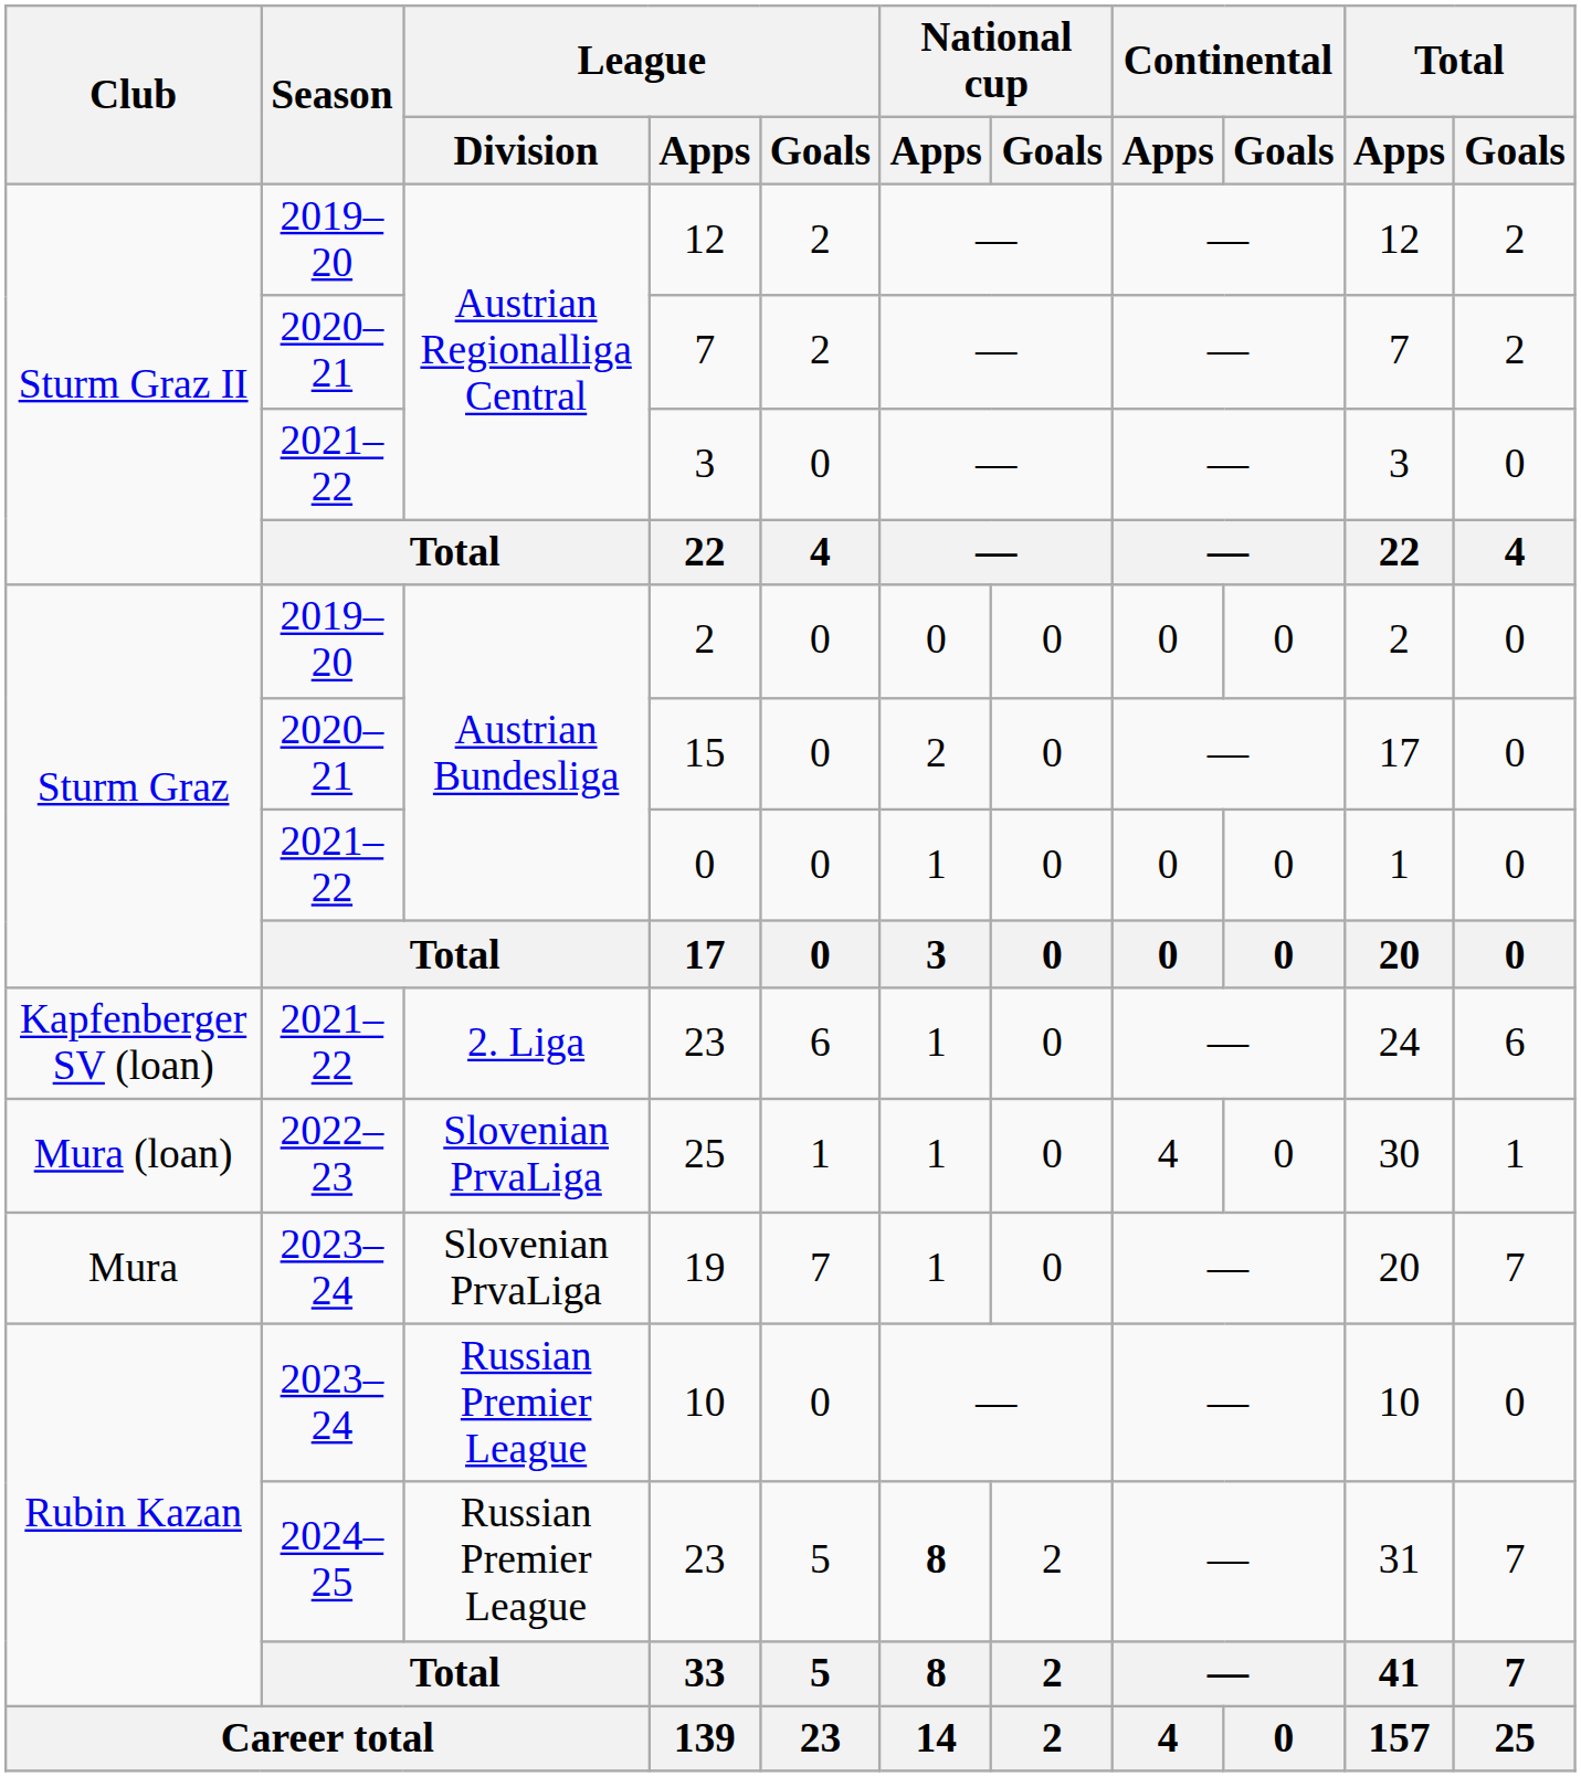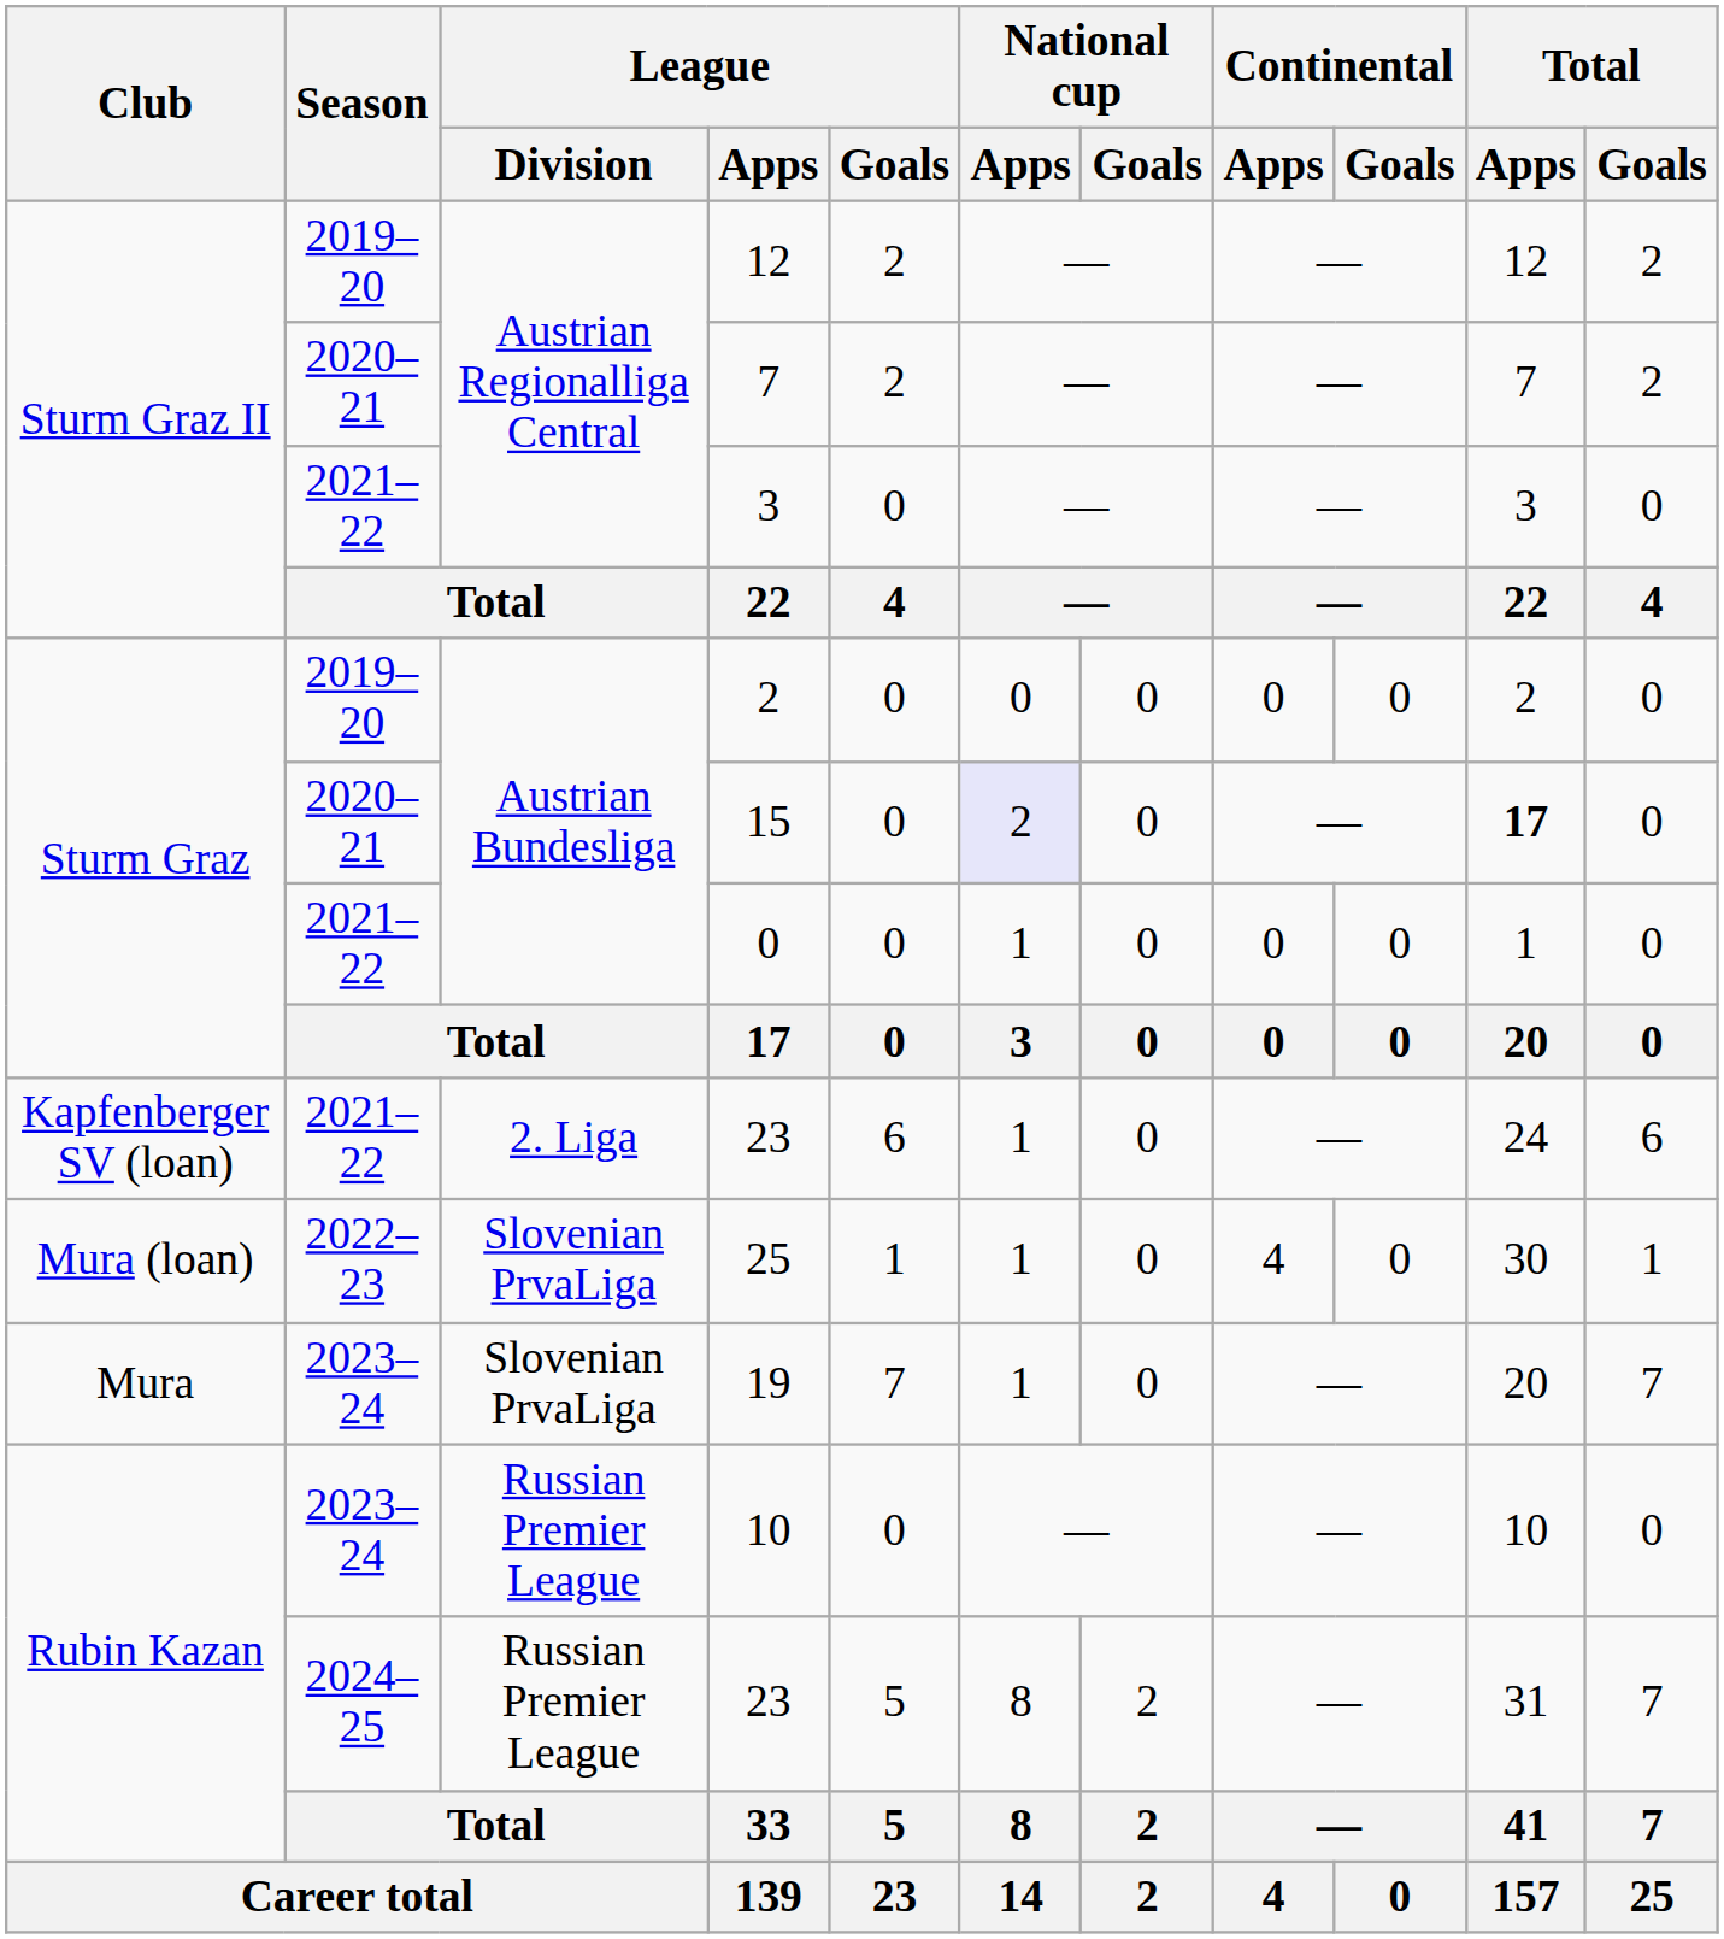 <table class="wikitable" style="text-align:center">
 <tr>
 <th rowspan="2">Club</th>
 <th rowspan="2">Season</th>
 <th colspan="3">League</th>
 <th colspan="2">National cup</th>
 <th colspan="2">Continental</th>
 <th colspan="2">Total</th>
 </tr>
 <tr>
 <th>Division</th>
 <th>Apps</th>
 <th>Goals</th>
 <th>Apps</th>
 <th>Goals</th>
 <th>Apps</th>
 <th>Goals</th>
 <th>Apps</th>
 <th>Goals</th>
 </tr>
 <tr>
 <td rowspan="4"><a href='#'>Sturm Graz II</a></td>
 <td><a href='#'>2019–20</a></td>
 <td rowspan="3"><a href='#'>Austrian Regionalliga Central</a></td>
 <td>12</td>
 <td>2</td>
 <td colspan="2">—</td>
 <td colspan="2">—</td>
 <td>12</td>
 <td>2</td>
 </tr>
 <tr>
 <td><a href='#'>2020–21</a></td>
 <td>7</td>
 <td>2</td>
 <td colspan="2">—</td>
 <td colspan="2">—</td>
 <td>7</td>
 <td>2</td>
 </tr>
 <tr>
 <td><a href='#'>2021–22</a></td>
 <td>3</td>
 <td>0</td>
 <td colspan="2">—</td>
 <td colspan="2">—</td>
 <td>3</td>
 <td>0</td>
 </tr>
 <tr>
 <th colspan="2">Total</th>
 <th>22</th>
 <th>4</th>
 <th colspan="2">—</th>
 <th colspan="2">—</th>
 <th>22</th>
 <th>4</th>
 </tr>
 <tr>
 <td rowspan="4"><a href='#'>Sturm Graz</a></td>
 <td><a href='#'>2019–20</a></td>
 <td rowspan="3"><a href='#'>Austrian Bundesliga</a></td>
 <td>2</td>
 <td>0</td>
 <td>0</td>
 <td>0</td>
 <td>0</td>
 <td>0</td>
 <td>2</td>
 <td>0</td>
 </tr>
 <tr>
 <td><a href='#'>2020–21</a></td>
 <td>15</td>
 <td>0</td>
-<td>2</td>
+<td style="background: lavender;">2</td>
 <td>0</td>
 <td colspan="2">—</td>
-<td>17</td>
+<td><strong>17</strong></td>
 <td>0</td>
 </tr>
 <tr>
 <td><a href='#'>2021–22</a></td>
 <td>0</td>
 <td>0</td>
 <td>1</td>
 <td>0</td>
 <td>0</td>
 <td>0</td>
 <td>1</td>
 <td>0</td>
 </tr>
 <tr>
 <th colspan="2">Total</th>
 <th>17</th>
 <th>0</th>
 <th>3</th>
 <th>0</th>
 <th>0</th>
 <th>0</th>
 <th>20</th>
 <th>0</th>
 </tr>
 <tr>
 <td><a href='#'>Kapfenberger SV</a> (loan)</td>
 <td><a href='#'>2021–22</a></td>
 <td><a href='#'>2. Liga</a></td>
 <td>23</td>
 <td>6</td>
 <td>1</td>
 <td>0</td>
 <td colspan="2">—</td>
 <td>24</td>
 <td>6</td>
 </tr>
 <tr>
 <td><a href='#'>Mura</a> (loan)</td>
 <td><a href='#'>2022–23</a></td>
 <td><a href='#'>Slovenian PrvaLiga</a></td>
 <td>25</td>
 <td>1</td>
 <td>1</td>
 <td>0</td>
 <td>4</td>
 <td>0</td>
 <td>30</td>
 <td>1</td>
 </tr>
 <tr>
 <td>Mura</td>
 <td><a href='#'>2023–24</a></td>
 <td>Slovenian PrvaLiga</td>
 <td>19</td>
 <td>7</td>
 <td>1</td>
 <td>0</td>
 <td colspan="2">—</td>
 <td>20</td>
 <td>7</td>
 </tr>
 <tr>
 <td rowspan="3"><a href='#'>Rubin Kazan</a></td>
 <td><a href='#'>2023–24</a></td>
 <td><a href='#'>Russian Premier League</a></td>
 <td>10</td>
 <td>0</td>
 <td colspan="2">—</td>
 <td colspan="2">—</td>
 <td>10</td>
 <td>0</td>
 </tr>
 <tr>
 <td><a href='#'>2024–25</a></td>
 <td>Russian Premier League</td>
 <td>23</td>
 <td>5</td>
-<td><strong>8</strong></td>
+<td>8</td>
 <td>2</td>
 <td colspan="2">—</td>
 <td>31</td>
 <td>7</td>
 </tr>
 <tr>
 <th colspan="2">Total</th>
 <th>33</th>
 <th>5</th>
 <th>8</th>
 <th>2</th>
 <th colspan="2">—</th>
 <th>41</th>
 <th>7</th>
 </tr>
 <tr>
 <th colspan="3">Career total</th>
 <th>139</th>
 <th>23</th>
 <th>14</th>
 <th>2</th>
 <th>4</th>
 <th>0</th>
 <th>157</th>
 <th>25</th>
 </tr>
 </table>
